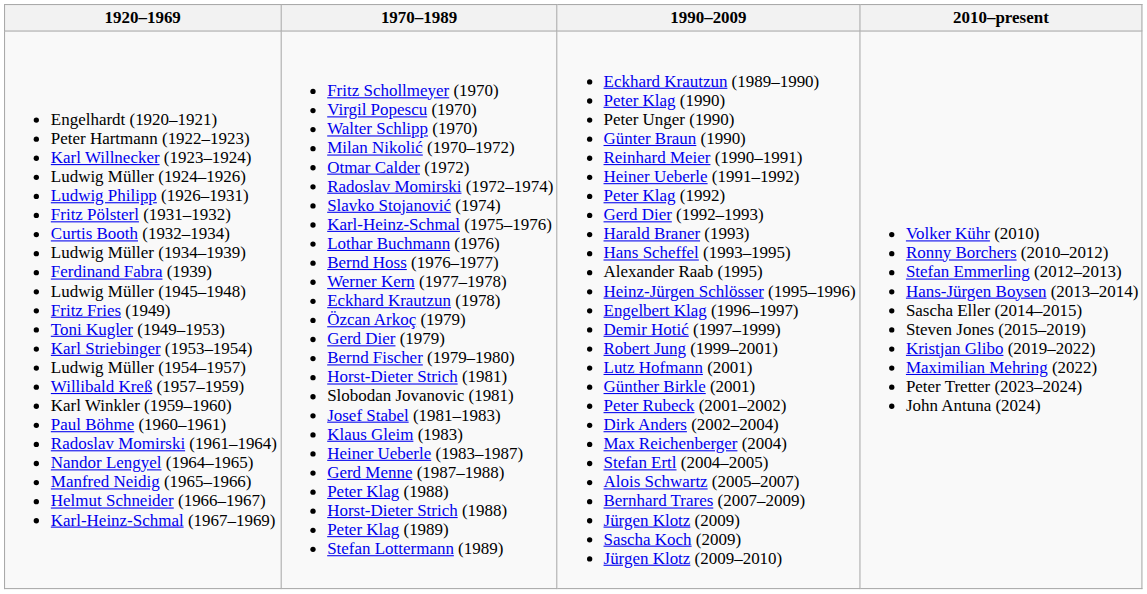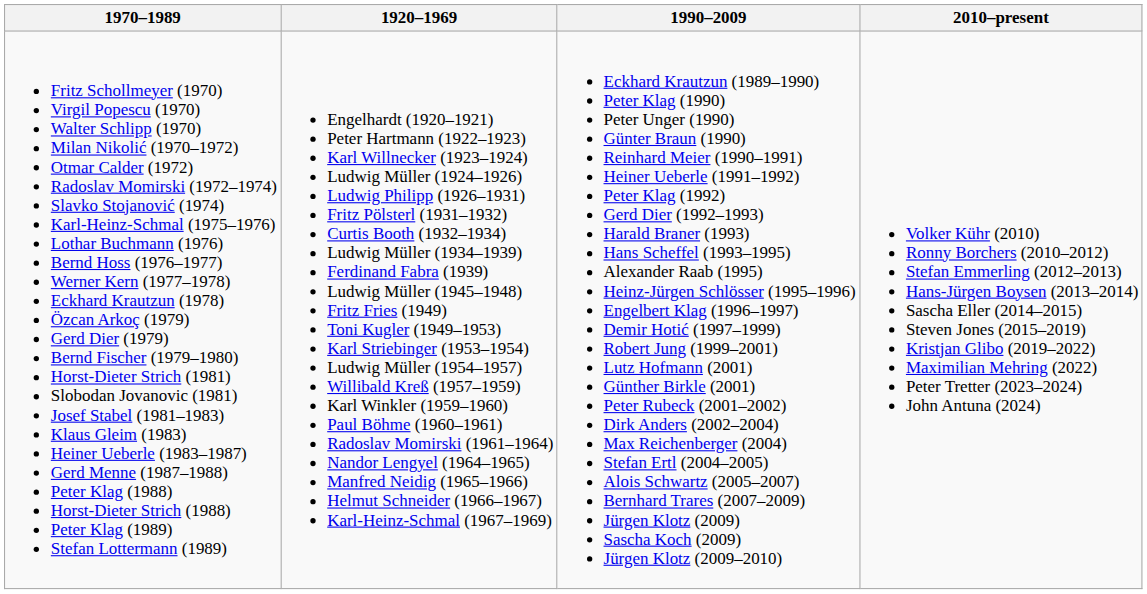 <table class="wikitable">
 <tr>
+<th>1970–1989</th>
 <th>1920–1969</th>
-<th>1970–1989</th>
 <th>1990–2009</th>
 <th>2010–present</th>
 </tr>
 <tr>
+<td><br><ul><li><a href='#'>Fritz Schollmeyer</a> (1970)</li><li><a href='#'>Virgil Popescu</a> (1970)</li><li><a href='#'>Walter Schlipp</a> (1970)</li><li><a href='#'>Milan Nikolić</a> (1970–1972)</li><li><a href='#'>Otmar Calder</a> (1972)</li><li><a href='#'>Radoslav Momirski</a> (1972–1974)</li><li><a href='#'>Slavko Stojanović</a> (1974)</li><li><a href='#'>Karl-Heinz-Schmal</a> (1975–1976)</li><li><a href='#'>Lothar Buchmann</a> (1976)</li><li><a href='#'>Bernd Hoss</a> (1976–1977)</li><li><a href='#'>Werner Kern</a> (1977–1978)</li><li><a href='#'>Eckhard Krautzun</a> (1978)</li><li><a href='#'>Özcan Arkoç</a> (1979)</li><li><a href='#'>Gerd Dier</a> (1979)</li><li><a href='#'>Bernd Fischer</a> (1979–1980)</li><li><a href='#'>Horst-Dieter Strich</a> (1981)</li><li>Slobodan Jovanovic (1981)</li><li><a href='#'>Josef Stabel</a> (1981–1983)</li><li><a href='#'>Klaus Gleim</a> (1983)</li><li><a href='#'>Heiner Ueberle</a> (1983–1987)</li><li><a href='#'>Gerd Menne</a> (1987–1988)</li><li><a href='#'>Peter Klag</a> (1988)</li><li><a href='#'>Horst-Dieter Strich</a> (1988)</li><li><a href='#'>Peter Klag</a> (1989)</li><li><a href='#'>Stefan Lottermann</a> (1989)</li></ul></td>
 <td><br><ul><li>Engelhardt (1920–1921)</li><li>Peter Hartmann (1922–1923)</li><li><a href='#'>Karl Willnecker</a> (1923–1924)</li><li>Ludwig Müller (1924–1926)</li><li><a href='#'>Ludwig Philipp</a> (1926–1931)</li><li><a href='#'>Fritz Pölsterl</a> (1931–1932)</li><li><a href='#'>Curtis Booth</a> (1932–1934)</li><li>Ludwig Müller (1934–1939)</li><li><a href='#'>Ferdinand Fabra</a> (1939)</li><li>Ludwig Müller (1945–1948)</li><li><a href='#'>Fritz Fries</a> (1949)</li><li><a href='#'>Toni Kugler</a> (1949–1953)</li><li><a href='#'>Karl Striebinger</a> (1953–1954)</li><li>Ludwig Müller (1954–1957)</li><li><a href='#'>Willibald Kreß</a> (1957–1959)</li><li>Karl Winkler (1959–1960)</li><li><a href='#'>Paul Böhme</a> (1960–1961)</li><li><a href='#'>Radoslav Momirski</a> (1961–1964)</li><li><a href='#'>Nandor Lengyel</a> (1964–1965)</li><li><a href='#'>Manfred Neidig</a> (1965–1966)</li><li><a href='#'>Helmut Schneider</a> (1966–1967)</li><li><a href='#'>Karl-Heinz-Schmal</a> (1967–1969)</li></ul></td>
-<td><br><ul><li><a href='#'>Fritz Schollmeyer</a> (1970)</li><li><a href='#'>Virgil Popescu</a> (1970)</li><li><a href='#'>Walter Schlipp</a> (1970)</li><li><a href='#'>Milan Nikolić</a> (1970–1972)</li><li><a href='#'>Otmar Calder</a> (1972)</li><li><a href='#'>Radoslav Momirski</a> (1972–1974)</li><li><a href='#'>Slavko Stojanović</a> (1974)</li><li><a href='#'>Karl-Heinz-Schmal</a> (1975–1976)</li><li><a href='#'>Lothar Buchmann</a> (1976)</li><li><a href='#'>Bernd Hoss</a> (1976–1977)</li><li><a href='#'>Werner Kern</a> (1977–1978)</li><li><a href='#'>Eckhard Krautzun</a> (1978)</li><li><a href='#'>Özcan Arkoç</a> (1979)</li><li><a href='#'>Gerd Dier</a> (1979)</li><li><a href='#'>Bernd Fischer</a> (1979–1980)</li><li><a href='#'>Horst-Dieter Strich</a> (1981)</li><li>Slobodan Jovanovic (1981)</li><li><a href='#'>Josef Stabel</a> (1981–1983)</li><li><a href='#'>Klaus Gleim</a> (1983)</li><li><a href='#'>Heiner Ueberle</a> (1983–1987)</li><li><a href='#'>Gerd Menne</a> (1987–1988)</li><li><a href='#'>Peter Klag</a> (1988)</li><li><a href='#'>Horst-Dieter Strich</a> (1988)</li><li><a href='#'>Peter Klag</a> (1989)</li><li><a href='#'>Stefan Lottermann</a> (1989)</li></ul></td>
 <td><br><ul><li><a href='#'>Eckhard Krautzun</a> (1989–1990)</li><li><a href='#'>Peter Klag</a> (1990)</li><li>Peter Unger (1990)</li><li><a href='#'>Günter Braun</a> (1990)</li><li><a href='#'>Reinhard Meier</a> (1990–1991)</li><li><a href='#'>Heiner Ueberle</a> (1991–1992)</li><li><a href='#'>Peter Klag</a> (1992)</li><li><a href='#'>Gerd Dier</a> (1992–1993)</li><li><a href='#'>Harald Braner</a> (1993)</li><li><a href='#'>Hans Scheffel</a> (1993–1995)</li><li>Alexander Raab (1995)</li><li><a href='#'>Heinz-Jürgen Schlösser</a> (1995–1996)</li><li><a href='#'>Engelbert Klag</a> (1996–1997)</li><li><a href='#'>Demir Hotić</a> (1997–1999)</li><li><a href='#'>Robert Jung</a> (1999–2001)</li><li><a href='#'>Lutz Hofmann</a> (2001)</li><li><a href='#'>Günther Birkle</a> (2001)</li><li><a href='#'>Peter Rubeck</a> (2001–2002)</li><li><a href='#'>Dirk Anders</a> (2002–2004)</li><li><a href='#'>Max Reichenberger</a> (2004)</li><li><a href='#'>Stefan Ertl</a> (2004–2005)</li><li><a href='#'>Alois Schwartz</a> (2005–2007)</li><li><a href='#'>Bernhard Trares</a> (2007–2009)</li><li><a href='#'>Jürgen Klotz</a> (2009)</li><li><a href='#'>Sascha Koch</a> (2009)</li><li><a href='#'>Jürgen Klotz</a> (2009–2010)</li></ul></td>
 <td><br><ul><li><a href='#'>Volker Kühr</a> (2010)</li><li><a href='#'>Ronny Borchers</a> (2010–2012)</li><li><a href='#'>Stefan Emmerling</a> (2012–2013)</li><li><a href='#'>Hans-Jürgen Boysen</a> (2013–2014)</li><li>Sascha Eller (2014–2015)</li><li>Steven Jones (2015–2019)</li><li><a href='#'>Kristjan Glibo</a> (2019–2022)</li><li><a href='#'>Maximilian Mehring</a> (2022)</li><li>Peter Tretter (2023–2024)</li><li>John Antuna (2024)</li></ul></td>
 </tr>
 </table>
